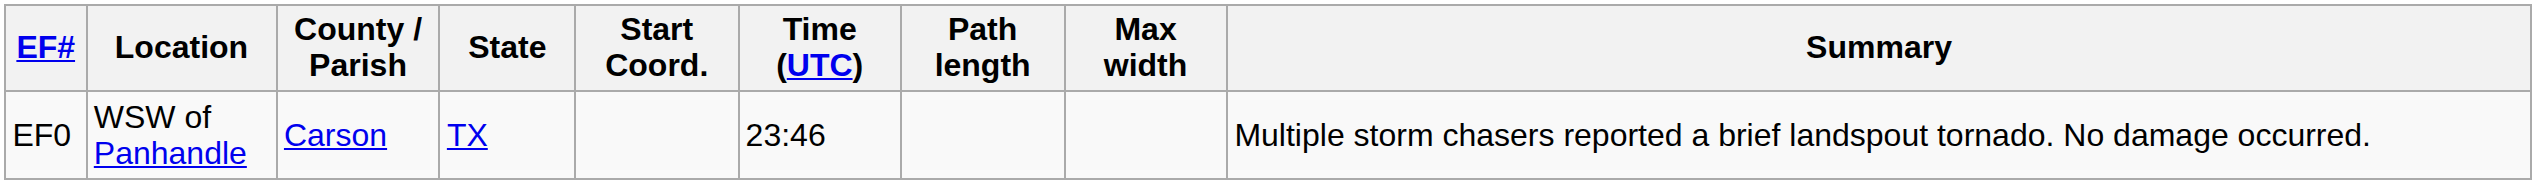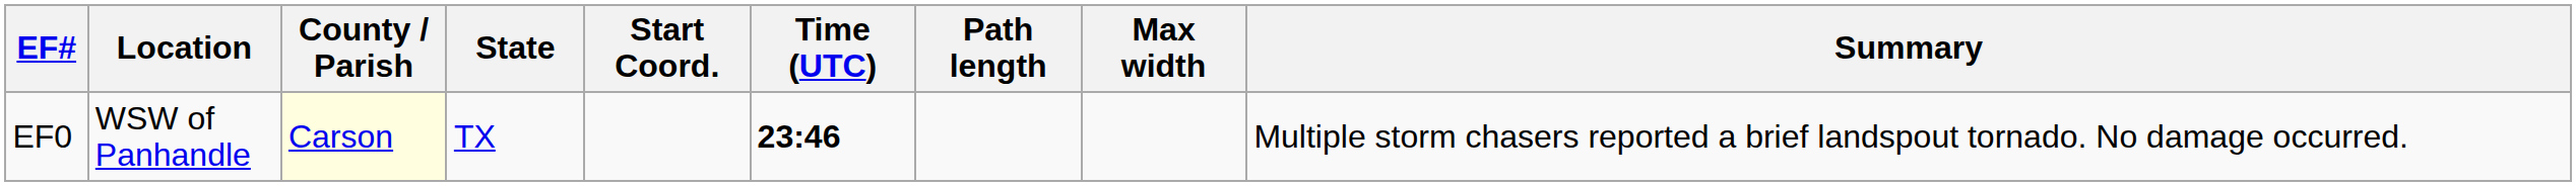 <table class="wikitable sortable" style="width:100%;">
 <tr>
 <th scope="col"  style="width:3%; text-align:center;"><a href='#'>EF#</a></th>
 <th scope="col"  style="width:7%; text-align:center;" class="unsortable">Location</th>
 <th scope="col"  style="width:6%; text-align:center;" class="unsortable">County / Parish</th>
 <th scope="col"  style="width:5%; text-align:center;">State</th>
 <th scope="col"  style="width:6%; text-align:center;">Start Coord.</th>
 <th scope="col"  style="width:6%; text-align:center;">Time (<a href='#'>UTC</a>)</th>
 <th scope="col"  style="width:6%; text-align:center;">Path length</th>
 <th scope="col"  style="width:6%; text-align:center;">Max width</th>
 <th scope="col" class="unsortable" style="width:48%; text-align:center;">Summary</th>
 </tr>
 <tr>
 <td bgcolor=>EF0</td>
 <td>WSW of <a href='#'>Panhandle</a></td>
-<td><a href='#'>Carson</a></td>
+<td style="background: lightyellow;"><a href='#'>Carson</a></td>
 <td><a href='#'>TX</a></td>
 <td></td>
-<td>23:46</td>
+<td><strong>23:46</strong></td>
 <td></td>
 <td></td>
 <td>Multiple storm chasers reported a brief landspout tornado. No damage occurred.</td>
 </tr>
 <tr>
 </tr>
 </table>
